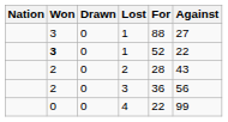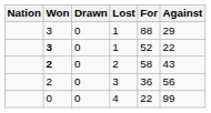 <table class="wikitable">
 <tr>
 <th>Nation</th>
 <th>Won</th>
 <th>Drawn</th>
 <th>Lost</th>
 <th>For</th>
 <th>Against</th>
 </tr>
 <tr>
 <td></td>
 <td>3</td>
 <td>0</td>
 <td>1</td>
 <td>88</td>
-<td>27</td>
+<td>29</td>
 </tr>
 <tr>
 <td></td>
 <td><strong>3</strong></td>
 <td>0</td>
 <td>1</td>
 <td>52</td>
 <td>22</td>
 </tr>
 <tr>
 <td></td>
-<td>2</td>
+<td><strong>2</strong></td>
 <td>0</td>
 <td>2</td>
-<td>28</td>
+<td>58</td>
 <td>43</td>
 </tr>
 <tr>
 <td></td>
 <td>2</td>
 <td>0</td>
 <td>3</td>
 <td>36</td>
 <td>56</td>
 </tr>
 <tr>
 <td></td>
 <td>0</td>
 <td>0</td>
 <td>4</td>
 <td>22</td>
 <td>99</td>
 </tr>
 </table>
